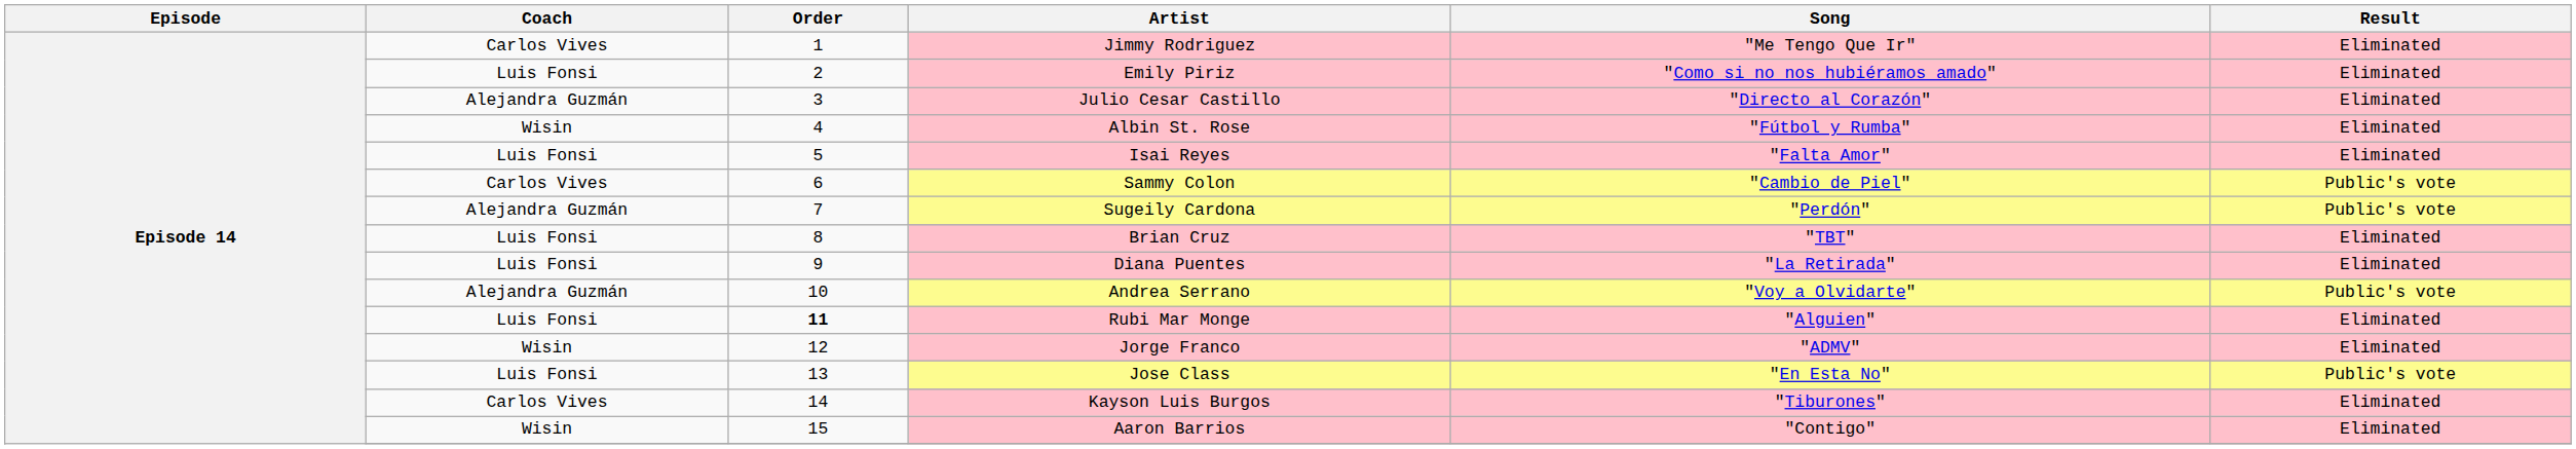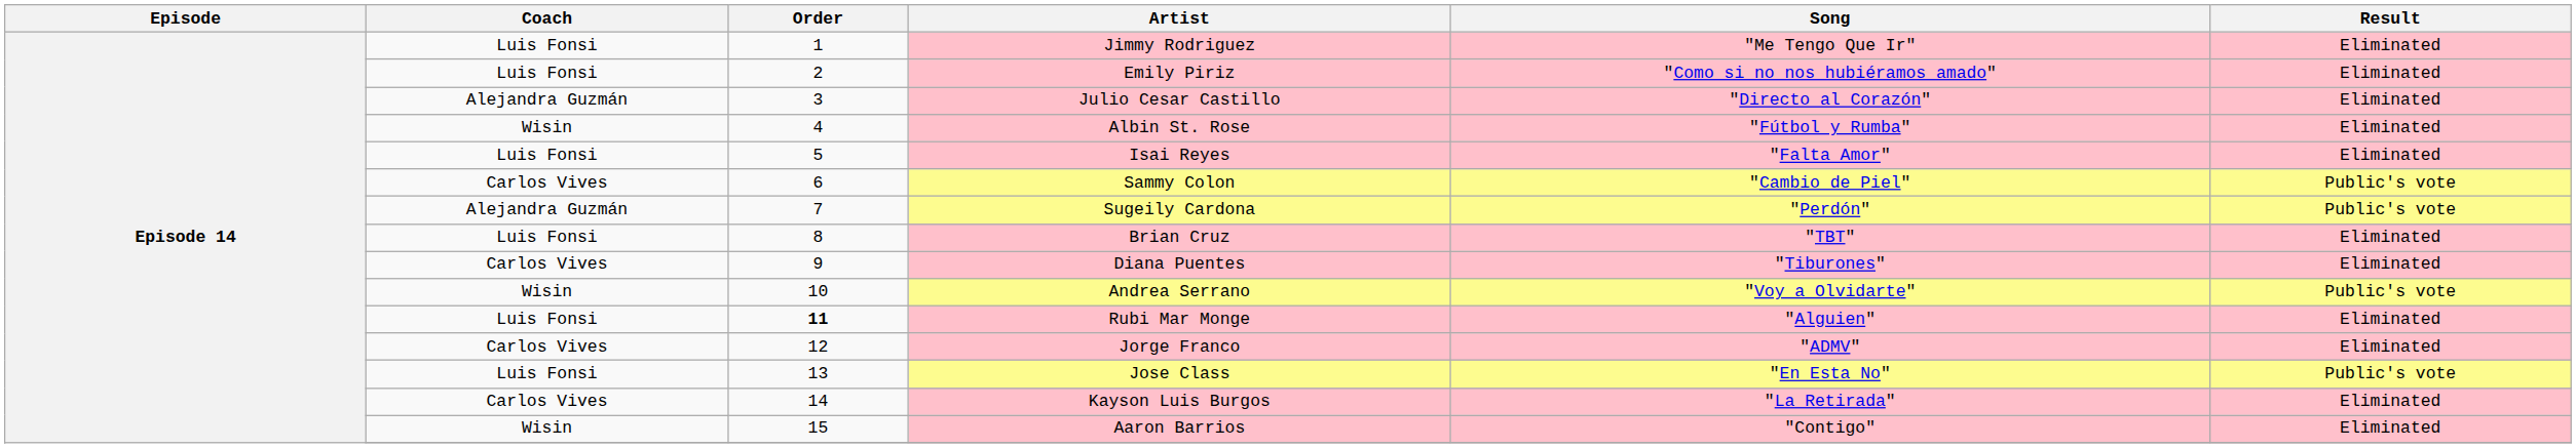 <table class="wikitable" style="text-align:center; width:100%;">
 <tr>
 <th style="width:10%;">Episode</th>
 <th style="width:10%;">Coach</th>
 <th style="width:05%;">Order</th>
 <th style="width:15%;">Artist</th>
 <th style="width:21%;">Song</th>
 <th style="width:10%;">Result</th>
 </tr>
 <tr>
 <th rowspan="16" scope="row">Episode 14<br><small></small></th>
-<td>Carlos Vives</td>
+<td>Luis Fonsi</td>
 <td>1</td>
 <td style="background:pink;">Jimmy Rodriguez</td>
 <td style="background:pink;">"Me Tengo Que Ir"</td>
 <td style="background:pink;">Eliminated</td>
 </tr>
 <tr>
 <td>Luis Fonsi</td>
 <td>2</td>
 <td style="background:pink;">Emily Piriz</td>
 <td style="background:pink;">"<a href='#'>Como si no nos hubiéramos amado</a>"</td>
 <td style="background:pink;">Eliminated</td>
 </tr>
 <tr>
 <td>Alejandra Guzmán</td>
 <td>3</td>
 <td style="background:pink;">Julio Cesar Castillo</td>
 <td style="background:pink;">"<a href='#'>Directo al Corazón</a>"</td>
 <td style="background:pink;">Eliminated</td>
 </tr>
 <tr>
 <td>Wisin</td>
 <td>4</td>
 <td style="background:pink;">Albin St. Rose</td>
 <td style="background:pink;">"<a href='#'>Fútbol y Rumba</a>"</td>
 <td style="background:pink;">Eliminated</td>
 </tr>
 <tr>
 <td>Luis Fonsi</td>
 <td>5</td>
 <td style="background:pink;">Isai Reyes</td>
 <td style="background:pink;">"<a href='#'>Falta Amor</a>"</td>
 <td style="background:pink;">Eliminated</td>
 </tr>
 <tr>
 <td>Carlos Vives</td>
 <td>6</td>
 <td style="background:#fdfc8f;">Sammy Colon</td>
 <td style="background:#fdfc8f;">"<a href='#'>Cambio de Piel</a>"</td>
 <td style="background:#fdfc8f;">Public's vote</td>
 </tr>
 <tr>
 <td>Alejandra Guzmán</td>
 <td>7</td>
 <td style="background:#fdfc8f;">Sugeily Cardona</td>
 <td style="background:#fdfc8f;">"<a href='#'>Perdón</a>"</td>
 <td style="background:#fdfc8f;">Public's vote</td>
 </tr>
 <tr>
 <td>Luis Fonsi</td>
 <td>8</td>
 <td style="background:pink;">Brian Cruz</td>
 <td style="background:pink;">"<a href='#'>TBT</a>"</td>
 <td style="background:pink;">Eliminated</td>
 </tr>
 <tr>
-<td>Luis Fonsi</td>
+<td>Carlos Vives</td>
 <td>9</td>
 <td style="background:pink;">Diana Puentes</td>
-<td style="background:pink;">"<a href='#'>La Retirada</a>"</td>
+<td style="background:pink;">"<a href='#'>Tiburones</a>"</td>
 <td style="background:pink;">Eliminated</td>
 </tr>
 <tr>
-<td>Alejandra Guzmán</td>
+<td>Wisin</td>
 <td>10</td>
 <td style="background:#fdfc8f;">Andrea Serrano</td>
 <td style="background:#fdfc8f;">"<a href='#'>Voy a Olvidarte</a>"</td>
 <td style="background:#fdfc8f;">Public's vote</td>
 </tr>
 <tr>
 <td>Luis Fonsi</td>
 <td><strong>11</strong></td>
 <td style="background:pink;">Rubi Mar Monge</td>
 <td style="background:pink;">"<a href='#'>Alguien</a>"</td>
 <td style="background:pink;">Eliminated</td>
 </tr>
 <tr>
-<td>Wisin</td>
+<td>Carlos Vives</td>
 <td>12</td>
 <td style="background:pink;">Jorge Franco</td>
 <td style="background:pink;">"<a href='#'>ADMV</a>"</td>
 <td style="background:pink;">Eliminated</td>
 </tr>
 <tr>
 <td>Luis Fonsi</td>
 <td>13</td>
 <td style="background:#fdfc8f;">Jose Class</td>
 <td style="background:#fdfc8f;">"<a href='#'>En Esta No</a>"</td>
 <td style="background:#fdfc8f;">Public's vote</td>
 </tr>
 <tr>
 <td>Carlos Vives</td>
 <td>14</td>
 <td style="background:pink;">Kayson Luis Burgos</td>
-<td style="background:pink;">"<a href='#'>Tiburones</a>"</td>
+<td style="background:pink;">"<a href='#'>La Retirada</a>"</td>
 <td style="background:pink;">Eliminated</td>
 </tr>
 <tr>
 <td>Wisin</td>
 <td>15</td>
 <td style="background:pink;">Aaron Barrios</td>
 <td style="background:pink;">"Contigo"</td>
 <td style="background:pink;">Eliminated</td>
 </tr>
 <tr>
 </tr>
 </table>
